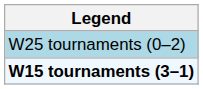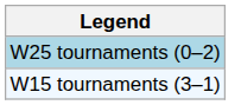 <table class=wikitable style=font-size:85%;>
 <tr>
 <th>Legend</th>
 </tr>
 <tr style="background:lightblue;">
 <td>W25 tournaments (0–2)</td>
 </tr>
 <tr style="background:#f0f8ff;">
-<td><strong>W15 tournaments (3–1)</strong></td>
+<td>W15 tournaments (3–1)</td>
 </tr>
 </table>
